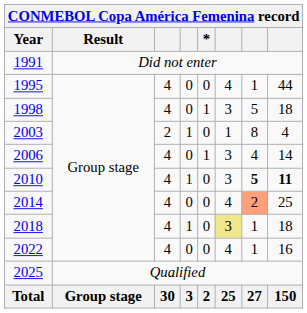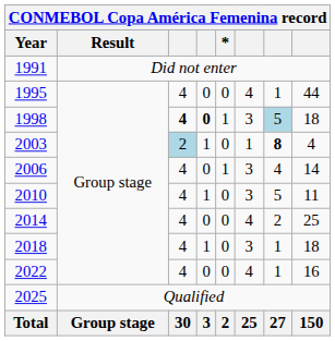 <table class="wikitable" style="text-align: center;">
 <tr>
 <th colspan=8><a href='#'>CONMEBOL Copa América Femenina</a> record</th>
 </tr>
 <tr>
 <th>Year</th>
 <th>Result</th>
 <th></th>
 <th></th>
 <th>*</th>
 <th></th>
 <th></th>
 <th></th>
 </tr>
 <tr>
 <td> <a href='#'>1991</a></td>
 <td colspan=8><em>Did not enter</em></td>
 </tr>
 <tr>
 <td> <a href='#'>1995</a></td>
 <td rowspan=8>Group stage</td>
 <td>4</td>
 <td>0</td>
 <td>0</td>
 <td>4</td>
 <td>1</td>
 <td>44</td>
 </tr>
 <tr>
 <td> <a href='#'>1998</a></td>
-<td>4</td>
-<td>0</td>
+<td><strong>4</strong></td>
+<td><strong>0</strong></td>
 <td>1</td>
 <td>3</td>
-<td>5</td>
+<td style="background: lightblue;">5</td>
 <td>18</td>
 </tr>
 <tr>
 <td>   <a href='#'>2003</a></td>
-<td>2</td>
+<td style="background: lightblue;">2</td>
 <td>1</td>
 <td>0</td>
 <td>1</td>
-<td>8</td>
+<td><strong>8</strong></td>
 <td>4</td>
 </tr>
 <tr>
 <td> <a href='#'>2006</a></td>
 <td>4</td>
 <td>0</td>
 <td>1</td>
 <td>3</td>
 <td>4</td>
 <td>14</td>
 </tr>
 <tr>
 <td> <a href='#'>2010</a></td>
 <td>4</td>
 <td>1</td>
 <td>0</td>
 <td>3</td>
-<td><strong>5</strong></td>
-<td><strong>11</strong></td>
+<td>5</td>
+<td>11</td>
 </tr>
 <tr>
 <td> <a href='#'>2014</a></td>
 <td>4</td>
 <td>0</td>
 <td>0</td>
 <td>4</td>
-<td style="background: lightsalmon;">2</td>
+<td>2</td>
 <td>25</td>
 </tr>
 <tr>
 <td> <a href='#'>2018</a></td>
 <td>4</td>
 <td>1</td>
 <td>0</td>
-<td style="background: khaki;">3</td>
+<td>3</td>
 <td>1</td>
 <td>18</td>
 </tr>
 <tr>
 <td> <a href='#'>2022</a></td>
 <td>4</td>
 <td>0</td>
 <td>0</td>
 <td>4</td>
 <td>1</td>
 <td>16</td>
 </tr>
 <tr>
 <td> <a href='#'>2025</a></td>
 <td colspan=8><em>Qualified</em></td>
 </tr>
 <tr>
 <th>Total</th>
 <th>Group stage</th>
 <th>30</th>
 <th>3</th>
 <th>2</th>
 <th>25</th>
 <th>27</th>
 <th>150</th>
 </tr>
 </table>
